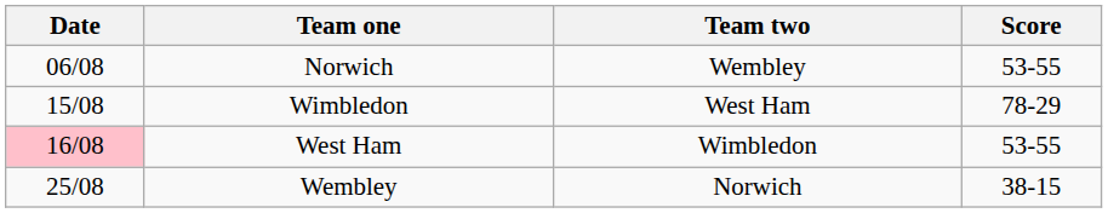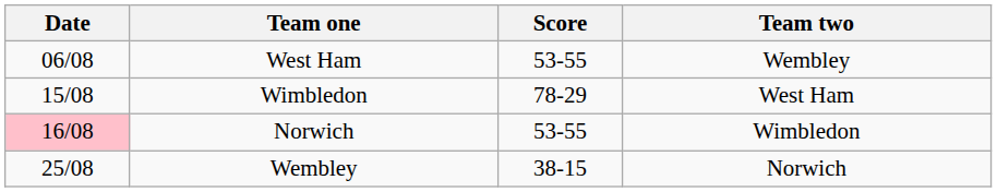 <table class="wikitable" style="text-align: center">
 <tr>
 <th width=80>Date</th>
 <th width=250>Team one</th>
+<th width=80>Score</th>
 <th width=250>Team two</th>
-<th width=80>Score</th>
 </tr>
 <tr>
 <td>06/08</td>
-<td>Norwich</td>
+<td>West Ham</td>
+<td>53-55</td>
 <td>Wembley</td>
-<td>53-55</td>
 </tr>
 <tr>
 <td>15/08</td>
 <td>Wimbledon</td>
+<td>78-29</td>
 <td>West Ham</td>
-<td>78-29</td>
 </tr>
 <tr>
 <td style="background: pink;">16/08</td>
-<td>West Ham</td>
+<td>Norwich</td>
+<td>53-55</td>
 <td>Wimbledon</td>
-<td>53-55</td>
 </tr>
 <tr>
 <td>25/08</td>
 <td>Wembley</td>
+<td>38-15</td>
 <td>Norwich</td>
-<td>38-15</td>
 </tr>
 </table>
